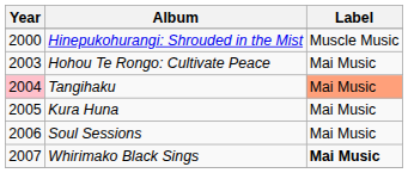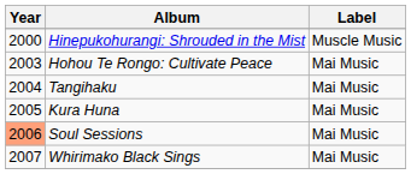 <table class="wikitable" style="font-size: 95%;">
 <tr>
 <th>Year</th>
 <th>Album</th>
 <th>Label</th>
 </tr>
 <tr>
 </tr>
 <tr>
 <td>2000</td>
 <td><em><a href='#'>Hinepukohurangi: Shrouded in the Mist</a></em></td>
 <td>Muscle Music</td>
 </tr>
 <tr>
 <td>2003</td>
 <td><em>Hohou Te Rongo: Cultivate Peace</em></td>
 <td>Mai Music</td>
 </tr>
 <tr>
-<td style="background: pink;">2004</td>
+<td>2004</td>
 <td><em>Tangihaku</em></td>
-<td style="background: lightsalmon;">Mai Music</td>
+<td>Mai Music</td>
 </tr>
 <tr>
 <td>2005</td>
 <td><em>Kura Huna</em></td>
 <td>Mai Music</td>
 </tr>
 <tr>
-<td>2006</td>
+<td style="background: lightsalmon;">2006</td>
 <td><em>Soul Sessions</em></td>
 <td>Mai Music</td>
 </tr>
 <tr>
 <td>2007</td>
 <td><em>Whirimako Black Sings</em></td>
-<td><strong>Mai Music</strong></td>
+<td>Mai Music</td>
 </tr>
 <tr>
 </tr>
 </table>
